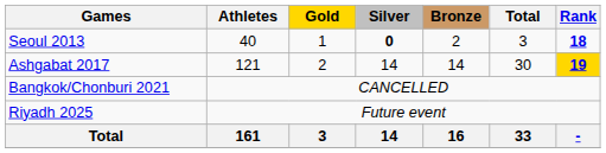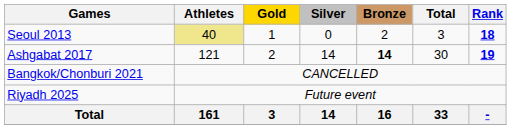 <table class="wikitable sortable" style="margin-top:0em; text-align:center; font-size:100%;">
 <tr>
 <th style="width:13em;">Games</th>
 <th scope="col" style="width:5em;">Athletes</th>
 <th style="width:4em; background:gold;">Gold</th>
 <th style="width:4em; background:silver;">Silver</th>
 <th style="width:4em; background:#cc9966;">Bronze</th>
 <th style="width:4em;">Total</th>
 <th style="width:2em;"><a href='#'>Rank</a></th>
 </tr>
 <tr>
 <td align=left> <a href='#'>Seoul 2013</a></td>
-<td>40</td>
+<td style="background: khaki;">40</td>
 <td>1</td>
-<td><strong>0</strong></td>
+<td>0</td>
 <td>2</td>
 <td>3</td>
 <td><a href='#'><strong>18</strong></a></td>
 </tr>
 <tr>
 <td align=left> <a href='#'>Ashgabat 2017</a></td>
 <td>121</td>
 <td>2</td>
 <td>14</td>
-<td>14</td>
+<td><strong>14</strong></td>
 <td>30</td>
-<td style="background: gold;"><a href='#'><strong>19</strong></a></td>
+<td><a href='#'><strong>19</strong></a></td>
 </tr>
 <tr>
 <td align=left> <a href='#'>Bangkok/Chonburi 2021</a></td>
 <td colspan=6><em>CANCELLED</em></td>
 </tr>
 <tr>
 <td align=left> <a href='#'>Riyadh 2025</a></td>
 <td colspan=6><em>Future event</em></td>
 </tr>
 <tr>
 <th><strong>Total</strong></th>
 <th><strong>161</strong></th>
 <th><strong>3</strong></th>
 <th><strong>14</strong></th>
 <th><strong>16</strong></th>
 <th><strong>33</strong></th>
 <th><strong><a href='#'>-</a></strong></th>
 </tr>
 <tr class="sortbottom">
 </tr>
 </table>
